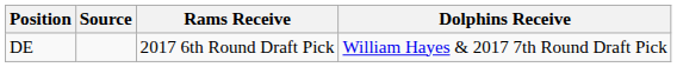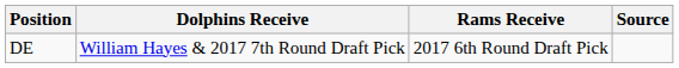 <table class="wikitable">
 <tr>
 <th>Position</th>
+<th>Dolphins Receive</th>
+<th>Rams Receive</th>
 <th>Source</th>
-<th>Rams Receive</th>
-<th>Dolphins Receive</th>
 </tr>
 <tr>
 <td>DE</td>
+<td><a href='#'>William Hayes</a> & 2017 7th Round Draft Pick</td>
+<td>2017 6th Round Draft Pick</td>
 <td></td>
-<td>2017 6th Round Draft Pick</td>
-<td><a href='#'>William Hayes</a> & 2017 7th Round Draft Pick</td>
 </tr>
 </table>
